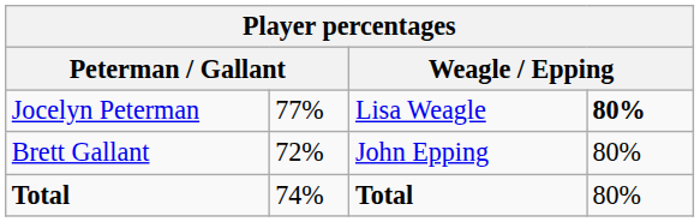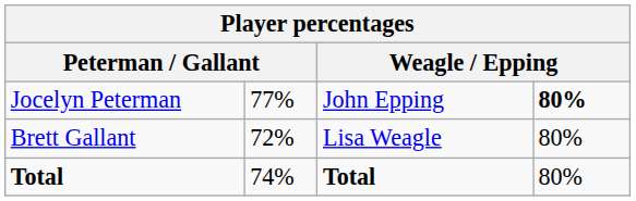 <table class="wikitable">
 <tr>
 <th colspan=4 width=400>Player percentages</th>
 </tr>
 <tr>
 <th colspan=2 width=200 style="white-space:nowrap;"> Peterman / Gallant</th>
 <th colspan=2 width=200 style="white-space:nowrap;"> Weagle / Epping</th>
 </tr>
 <tr>
 <td><a href='#'>Jocelyn Peterman</a></td>
 <td>77%</td>
-<td><a href='#'>Lisa Weagle</a></td>
+<td><a href='#'>John Epping</a></td>
 <td><strong>80%</strong></td>
 </tr>
 <tr>
 <td><a href='#'>Brett Gallant</a></td>
 <td>72%</td>
-<td><a href='#'>John Epping</a></td>
+<td><a href='#'>Lisa Weagle</a></td>
 <td>80%</td>
 </tr>
 <tr>
 <td><strong>Total</strong></td>
 <td>74%</td>
 <td><strong>Total</strong></td>
 <td>80%</td>
 </tr>
 </table>
